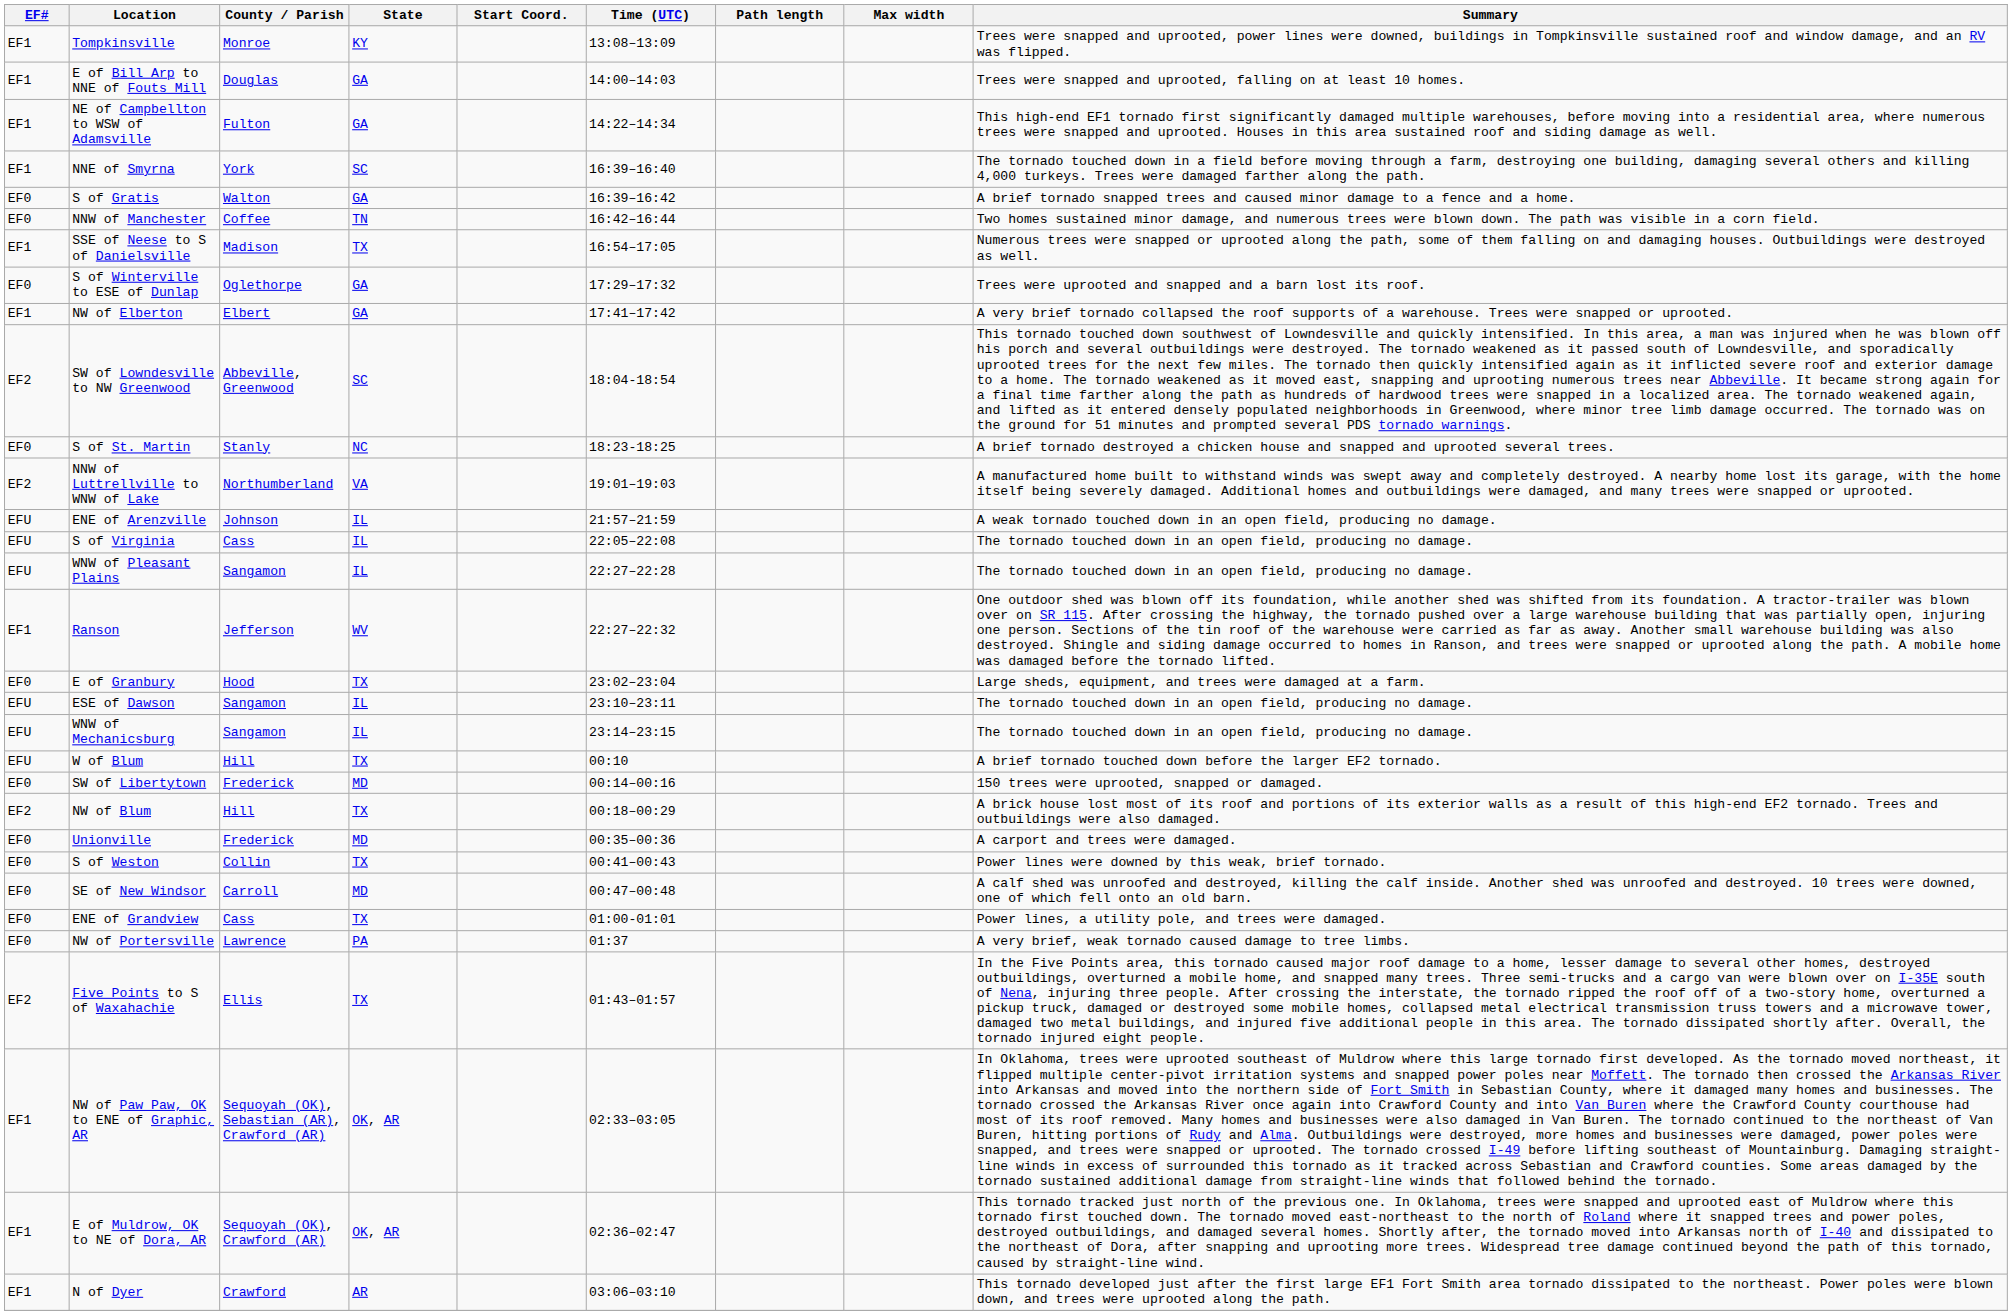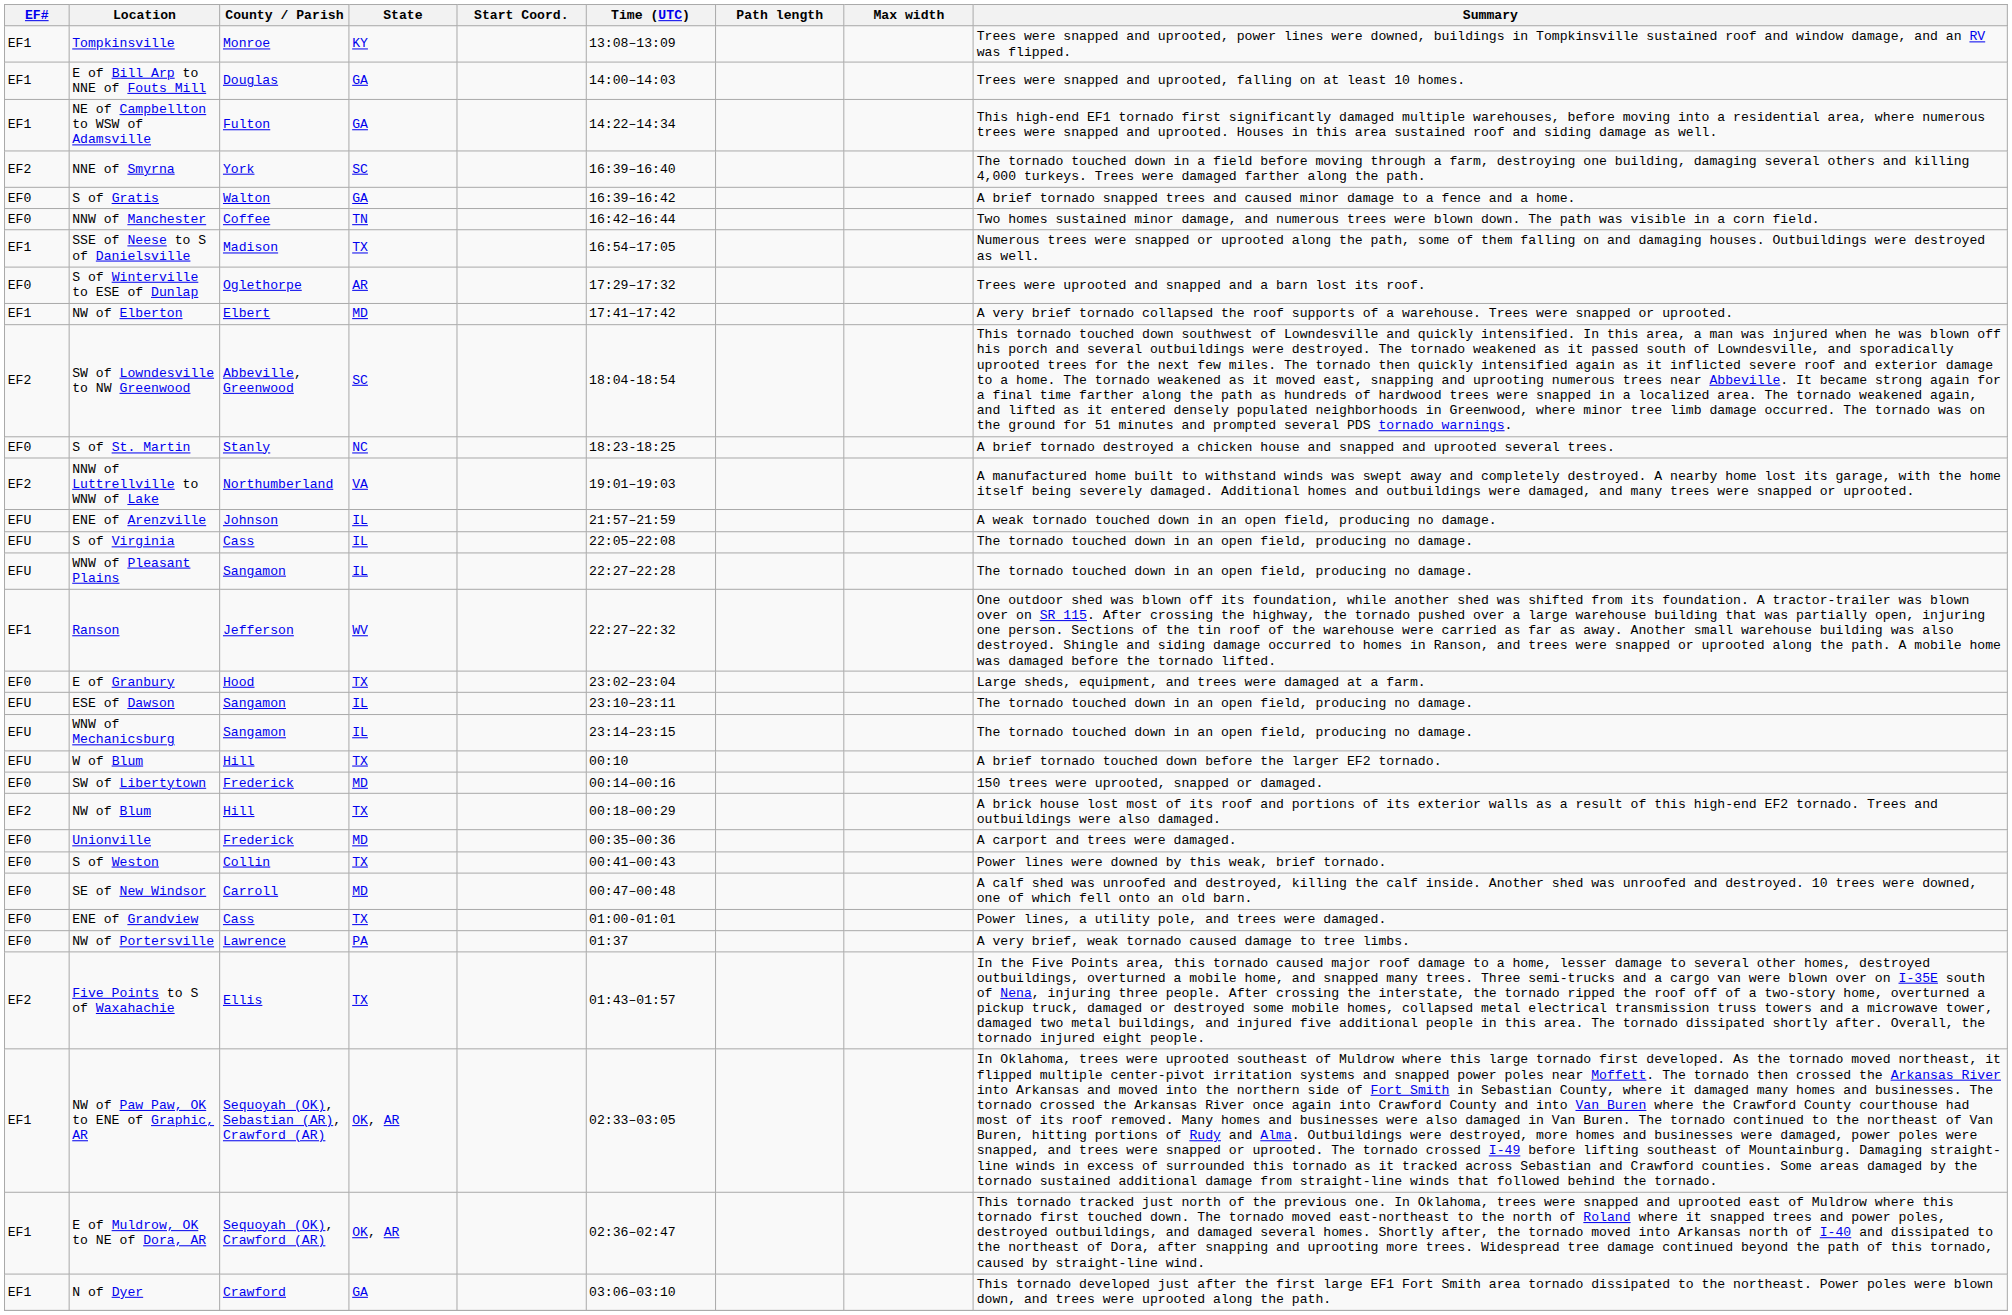 <table class="wikitable sortable" style="width:100%;">
 <tr>
 <th scope="col"  style="width:3%; text-align:center;"><a href='#'>EF#</a></th>
 <th scope="col"  style="width:7%; text-align:center;" class="unsortable">Location</th>
 <th scope="col"  style="width:6%; text-align:center;" class="unsortable">County / Parish</th>
 <th scope="col"  style="width:5%; text-align:center;">State</th>
 <th scope="col"  style="width:6%; text-align:center;">Start Coord.</th>
 <th scope="col"  style="width:6%; text-align:center;">Time (<a href='#'>UTC</a>)</th>
 <th scope="col"  style="width:6%; text-align:center;">Path length</th>
 <th scope="col"  style="width:6%; text-align:center;">Max width</th>
 <th scope="col" class="unsortable" style="width:48%; text-align:center;">Summary</th>
 </tr>
 <tr>
 <td>EF1</td>
 <td><a href='#'>Tompkinsville</a></td>
 <td><a href='#'>Monroe</a></td>
 <td><a href='#'>KY</a></td>
 <td></td>
 <td>13:08–13:09</td>
 <td></td>
 <td></td>
 <td>Trees were snapped and uprooted, power lines were downed, buildings in Tompkinsville sustained roof and window damage, and an <a href='#'>RV</a> was flipped.</td>
 </tr>
 <tr>
 <td>EF1</td>
 <td>E of <a href='#'>Bill Arp</a> to NNE of <a href='#'>Fouts Mill</a></td>
 <td><a href='#'>Douglas</a></td>
 <td><a href='#'>GA</a></td>
 <td></td>
 <td>14:00–14:03</td>
 <td></td>
 <td></td>
 <td>Trees were snapped and uprooted, falling on at least 10 homes.</td>
 </tr>
 <tr>
 <td>EF1</td>
 <td>NE of <a href='#'>Campbellton</a> to WSW of <a href='#'>Adamsville</a></td>
 <td><a href='#'>Fulton</a></td>
 <td><a href='#'>GA</a></td>
 <td></td>
 <td>14:22–14:34</td>
 <td></td>
 <td></td>
 <td>This high-end EF1 tornado first significantly damaged multiple warehouses, before moving into a residential area, where numerous trees were snapped and uprooted. Houses in this area sustained roof and siding damage as well.</td>
 </tr>
 <tr>
-<td>EF1</td>
+<td>EF2</td>
 <td>NNE of <a href='#'>Smyrna</a></td>
 <td><a href='#'>York</a></td>
 <td><a href='#'>SC</a></td>
 <td></td>
 <td>16:39–16:40</td>
 <td></td>
 <td></td>
 <td>The tornado touched down in a field before moving through a farm, destroying one building, damaging several others and killing 4,000 turkeys. Trees were damaged farther along the path.</td>
 </tr>
 <tr>
 <td>EF0</td>
 <td>S of <a href='#'>Gratis</a></td>
 <td><a href='#'>Walton</a></td>
 <td><a href='#'>GA</a></td>
 <td></td>
 <td>16:39–16:42</td>
 <td></td>
 <td></td>
 <td>A brief tornado snapped trees and caused minor damage to a fence and a home.</td>
 </tr>
 <tr>
 <td>EF0</td>
 <td>NNW of <a href='#'>Manchester</a></td>
 <td><a href='#'>Coffee</a></td>
 <td><a href='#'>TN</a></td>
 <td></td>
 <td>16:42–16:44</td>
 <td></td>
 <td></td>
 <td>Two homes sustained minor damage, and numerous trees were blown down. The path was visible in a corn field.</td>
 </tr>
 <tr>
 <td>EF1</td>
 <td>SSE of <a href='#'>Neese</a> to S of <a href='#'>Danielsville</a></td>
 <td><a href='#'>Madison</a></td>
 <td><a href='#'>TX</a></td>
 <td></td>
 <td>16:54–17:05</td>
 <td></td>
 <td></td>
 <td>Numerous trees were snapped or uprooted along the path, some of them falling on and damaging houses. Outbuildings were destroyed as well.</td>
 </tr>
 <tr>
 <td>EF0</td>
 <td>S of <a href='#'>Winterville</a> to ESE of <a href='#'>Dunlap</a></td>
 <td><a href='#'>Oglethorpe</a></td>
-<td><a href='#'>GA</a></td>
+<td><a href='#'>AR</a></td>
 <td></td>
 <td>17:29–17:32</td>
 <td></td>
 <td></td>
 <td>Trees were uprooted and snapped and a barn lost its roof.</td>
 </tr>
 <tr>
 <td>EF1</td>
 <td>NW of <a href='#'>Elberton</a></td>
 <td><a href='#'>Elbert</a></td>
-<td><a href='#'>GA</a></td>
+<td><a href='#'>MD</a></td>
 <td></td>
 <td>17:41–17:42</td>
 <td></td>
 <td></td>
 <td>A very brief tornado collapsed the roof supports of a warehouse. Trees were snapped or uprooted.</td>
 </tr>
 <tr>
 <td>EF2</td>
 <td>SW of <a href='#'>Lowndesville</a> to NW <a href='#'>Greenwood</a></td>
 <td><a href='#'>Abbeville</a>, <a href='#'>Greenwood</a></td>
 <td><a href='#'>SC</a></td>
 <td></td>
 <td>18:04-18:54</td>
 <td></td>
 <td></td>
 <td>This tornado touched down southwest of Lowndesville and quickly intensified. In this area, a man was injured when he was blown off his porch and several outbuildings were destroyed. The tornado weakened as it passed south of Lowndesville, and sporadically uprooted trees for the next few miles. The tornado then quickly intensified again as it inflicted severe roof and exterior damage to a home. The tornado weakened as it moved east, snapping and uprooting numerous trees near <a href='#'>Abbeville</a>. It became strong again for a final time farther along the path as hundreds of hardwood trees were snapped in a localized area. The tornado weakened again, and lifted as it entered densely populated neighborhoods in Greenwood, where minor tree limb damage occurred. The tornado was on the ground for 51 minutes and prompted several PDS <a href='#'>tornado warnings</a>.</td>
 </tr>
 <tr>
 <td>EF0</td>
 <td>S of <a href='#'>St. Martin</a></td>
 <td><a href='#'>Stanly</a></td>
 <td><a href='#'>NC</a></td>
 <td></td>
 <td>18:23-18:25</td>
 <td></td>
 <td></td>
 <td>A brief tornado destroyed a chicken house and snapped and uprooted several trees.</td>
 </tr>
 <tr>
 <td>EF2</td>
 <td>NNW of <a href='#'>Luttrellville</a> to WNW of <a href='#'>Lake</a></td>
 <td><a href='#'>Northumberland</a></td>
 <td><a href='#'>VA</a></td>
 <td></td>
 <td>19:01–19:03</td>
 <td></td>
 <td></td>
 <td>A manufactured home built to withstand  winds was swept away and completely destroyed. A nearby home lost its garage, with the home itself being severely damaged. Additional homes and outbuildings were damaged, and many trees were snapped or uprooted.</td>
 </tr>
 <tr>
 <td>EFU</td>
 <td>ENE of <a href='#'>Arenzville</a></td>
 <td><a href='#'>Johnson</a></td>
 <td><a href='#'>IL</a></td>
 <td></td>
 <td>21:57–21:59</td>
 <td></td>
 <td></td>
 <td>A weak tornado touched down in an open field, producing no damage.</td>
 </tr>
 <tr>
 <td>EFU</td>
 <td>S of <a href='#'>Virginia</a></td>
 <td><a href='#'>Cass</a></td>
 <td><a href='#'>IL</a></td>
 <td></td>
 <td>22:05–22:08</td>
 <td></td>
 <td></td>
 <td>The tornado touched down in an open field, producing no damage.</td>
 </tr>
 <tr>
 <td>EFU</td>
 <td>WNW of <a href='#'>Pleasant Plains</a></td>
 <td><a href='#'>Sangamon</a></td>
 <td><a href='#'>IL</a></td>
 <td></td>
 <td>22:27–22:28</td>
 <td></td>
 <td></td>
 <td>The tornado touched down in an open field, producing no damage.</td>
 </tr>
 <tr>
 <td>EF1</td>
 <td><a href='#'>Ranson</a></td>
 <td><a href='#'>Jefferson</a></td>
 <td><a href='#'>WV</a></td>
 <td></td>
 <td>22:27–22:32</td>
 <td></td>
 <td></td>
 <td>One outdoor shed was blown off its foundation, while another shed was shifted from its foundation. A tractor-trailer was blown over on <a href='#'>SR 115</a>. After crossing the highway, the tornado pushed over a large warehouse building that was partially open, injuring one person. Sections of the tin roof of the warehouse were carried as far as  away. Another small warehouse building was also destroyed. Shingle and siding damage occurred to homes in Ranson, and trees were snapped or uprooted along the path. A mobile home was damaged before the tornado lifted.</td>
 </tr>
 <tr>
 <td>EF0</td>
 <td>E of <a href='#'>Granbury</a></td>
 <td><a href='#'>Hood</a></td>
 <td><a href='#'>TX</a></td>
 <td></td>
 <td>23:02–23:04</td>
 <td></td>
 <td></td>
 <td>Large sheds, equipment, and trees were damaged at a farm.</td>
 </tr>
 <tr>
 <td>EFU</td>
 <td>ESE of <a href='#'>Dawson</a></td>
 <td><a href='#'>Sangamon</a></td>
 <td><a href='#'>IL</a></td>
 <td></td>
 <td>23:10–23:11</td>
 <td></td>
 <td></td>
 <td>The tornado touched down in an open field, producing no damage.</td>
 </tr>
 <tr>
 <td>EFU</td>
 <td>WNW of <a href='#'>Mechanicsburg</a></td>
 <td><a href='#'>Sangamon</a></td>
 <td><a href='#'>IL</a></td>
 <td></td>
 <td>23:14–23:15</td>
 <td></td>
 <td></td>
 <td>The tornado touched down in an open field, producing no damage.</td>
 </tr>
 <tr>
 <td>EFU</td>
 <td>W of <a href='#'>Blum</a></td>
 <td><a href='#'>Hill</a></td>
 <td><a href='#'>TX</a></td>
 <td></td>
 <td>00:10</td>
 <td></td>
 <td></td>
 <td>A brief tornado touched down before the larger EF2 tornado.</td>
 </tr>
 <tr>
 <td>EF0</td>
 <td>SW of <a href='#'>Libertytown</a></td>
 <td><a href='#'>Frederick</a></td>
 <td><a href='#'>MD</a></td>
 <td></td>
 <td>00:14–00:16</td>
 <td></td>
 <td></td>
 <td>150 trees were uprooted, snapped or damaged.</td>
 </tr>
 <tr>
 <td>EF2</td>
 <td>NW of <a href='#'>Blum</a></td>
 <td><a href='#'>Hill</a></td>
 <td><a href='#'>TX</a></td>
 <td></td>
 <td>00:18–00:29</td>
 <td></td>
 <td></td>
 <td>A brick house lost most of its roof and portions of its exterior walls as a result of this high-end EF2 tornado. Trees and outbuildings were also damaged.</td>
 </tr>
 <tr>
 <td>EF0</td>
 <td><a href='#'>Unionville</a></td>
 <td><a href='#'>Frederick</a></td>
 <td><a href='#'>MD</a></td>
 <td></td>
 <td>00:35–00:36</td>
 <td></td>
 <td></td>
 <td>A carport and trees were damaged.</td>
 </tr>
 <tr>
 <td>EF0</td>
 <td>S of <a href='#'>Weston</a></td>
 <td><a href='#'>Collin</a></td>
 <td><a href='#'>TX</a></td>
 <td></td>
 <td>00:41–00:43</td>
 <td></td>
 <td></td>
 <td>Power lines were downed by this weak, brief tornado.</td>
 </tr>
 <tr>
 <td>EF0</td>
 <td>SE of <a href='#'>New Windsor</a></td>
 <td><a href='#'>Carroll</a></td>
 <td><a href='#'>MD</a></td>
 <td></td>
 <td>00:47–00:48</td>
 <td></td>
 <td></td>
 <td>A calf shed was unroofed and destroyed, killing the calf inside. Another shed was unroofed and destroyed. 10 trees were downed, one of which fell onto an old barn.</td>
 </tr>
 <tr>
 <td>EF0</td>
 <td>ENE of <a href='#'>Grandview</a></td>
 <td><a href='#'>Cass</a></td>
 <td><a href='#'>TX</a></td>
 <td></td>
 <td>01:00-01:01</td>
 <td></td>
 <td></td>
 <td>Power lines, a utility pole, and trees were damaged.</td>
 </tr>
 <tr>
 <td>EF0</td>
 <td>NW of <a href='#'>Portersville</a></td>
 <td><a href='#'>Lawrence</a></td>
 <td><a href='#'>PA</a></td>
 <td></td>
 <td>01:37</td>
 <td></td>
 <td></td>
 <td>A very brief, weak tornado caused damage to tree limbs.</td>
 </tr>
 <tr>
 <td>EF2</td>
 <td><a href='#'>Five Points</a> to S of <a href='#'>Waxahachie</a></td>
 <td><a href='#'>Ellis</a></td>
 <td><a href='#'>TX</a></td>
 <td></td>
 <td>01:43–01:57</td>
 <td></td>
 <td></td>
 <td>In the Five Points area, this tornado caused major roof damage to a home, lesser damage to several other homes, destroyed outbuildings, overturned a mobile home, and snapped many trees. Three semi-trucks and a cargo van were blown over on <a href='#'>I-35E</a> south of <a href='#'>Nena</a>, injuring three people. After crossing the interstate, the tornado ripped the roof off of a two-story home, overturned a pickup truck, damaged or destroyed some mobile homes, collapsed metal electrical transmission truss towers and a microwave tower, damaged two metal buildings, and injured five additional people in this area. The tornado dissipated shortly after. Overall, the tornado injured eight people.</td>
 </tr>
 <tr>
 <td>EF1</td>
 <td>NW of <a href='#'>Paw Paw, OK</a> to ENE of <a href='#'>Graphic, AR</a></td>
 <td><a href='#'>Sequoyah (OK)</a>, <a href='#'>Sebastian (AR)</a>, <a href='#'>Crawford (AR)</a></td>
 <td><a href='#'>OK</a>, <a href='#'>AR</a></td>
 <td></td>
 <td>02:33–03:05</td>
 <td></td>
 <td></td>
 <td>In Oklahoma, trees were uprooted southeast of Muldrow where this large tornado first developed. As the tornado moved northeast, it flipped multiple center-pivot irritation systems and snapped power poles near <a href='#'>Moffett</a>. The tornado then crossed the <a href='#'>Arkansas River</a> into Arkansas and moved into the northern side of <a href='#'>Fort Smith</a> in Sebastian County, where it damaged many homes and businesses. The tornado crossed the Arkansas River once again into Crawford County and into <a href='#'>Van Buren</a> where the Crawford County courthouse had most of its roof removed. Many homes and businesses were also damaged in Van Buren. The tornado continued to the northeast of Van Buren, hitting portions of <a href='#'>Rudy</a> and <a href='#'>Alma</a>. Outbuildings were destroyed, more homes and businesses were damaged, power poles were snapped, and trees were snapped or uprooted. The tornado crossed <a href='#'>I-49</a> before lifting southeast of Mountainburg. Damaging straight-line winds in excess of  surrounded this tornado as it tracked across Sebastian and Crawford counties. Some areas damaged by the tornado sustained additional damage from straight-line winds that followed behind the tornado.</td>
 </tr>
 <tr>
 <td>EF1</td>
 <td>E of <a href='#'>Muldrow, OK</a> to NE of <a href='#'>Dora, AR</a></td>
 <td><a href='#'>Sequoyah (OK)</a>, <a href='#'>Crawford (AR)</a></td>
 <td><a href='#'>OK</a>, <a href='#'>AR</a></td>
 <td></td>
 <td>02:36–02:47</td>
 <td></td>
 <td></td>
 <td>This tornado tracked just north of the previous one. In Oklahoma, trees were snapped and uprooted east of Muldrow where this tornado first touched down. The tornado moved east-northeast to the north of <a href='#'>Roland</a> where it snapped trees and power poles, destroyed outbuildings, and damaged several homes. Shortly after, the tornado moved into Arkansas north of <a href='#'>I-40</a> and dissipated to the northeast of Dora, after snapping and uprooting more trees. Widespread tree damage continued beyond the path of this tornado, caused by straight-line wind.</td>
 </tr>
 <tr>
 <td>EF1</td>
 <td>N of <a href='#'>Dyer</a></td>
 <td><a href='#'>Crawford</a></td>
-<td><a href='#'>AR</a></td>
+<td><a href='#'>GA</a></td>
 <td></td>
 <td>03:06–03:10</td>
 <td></td>
 <td></td>
 <td>This tornado developed just after the first large EF1 Fort Smith area tornado dissipated to the northeast. Power poles were blown down, and trees were uprooted along the path.</td>
 </tr>
 <tr>
 </tr>
 </table>
